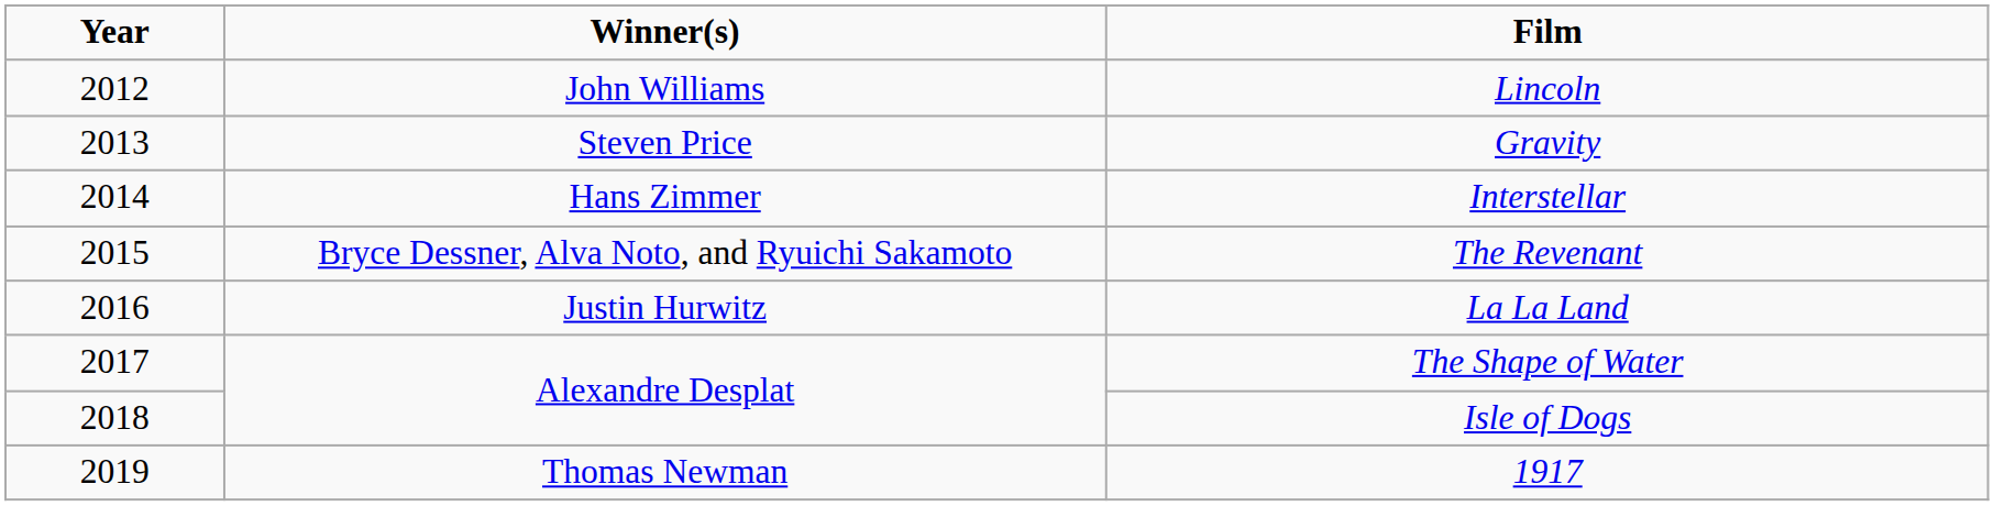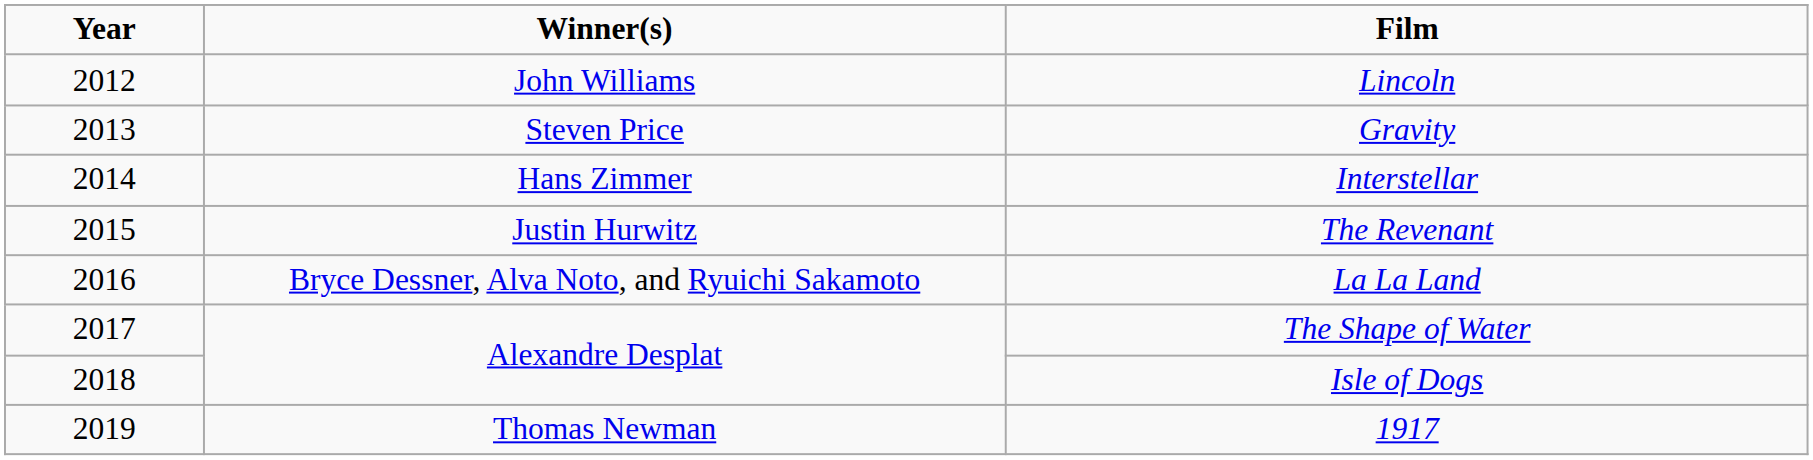 <table class="wikitable" width="auto" cellpadding="5">
 <tr style="text-align:center;">
 <td style="width: 70pt;"><strong>Year</strong></td>
 <td style="width: 300pt;"><strong>Winner(s)</strong></td>
 <td style="width: 300pt;"><strong>Film</strong></td>
 </tr>
 <tr style="text-align:center;">
 <td>2012</td>
 <td><a href='#'>John Williams</a></td>
 <td><em><a href='#'>Lincoln</a></em></td>
 </tr>
 <tr style="text-align:center;">
 <td>2013</td>
 <td><a href='#'>Steven Price</a></td>
 <td><em><a href='#'>Gravity</a></em></td>
 </tr>
 <tr style="text-align:center;">
 <td>2014</td>
 <td><a href='#'>Hans Zimmer</a></td>
 <td><em><a href='#'>Interstellar</a></em></td>
 </tr>
 <tr style="text-align:center;">
 <td>2015</td>
-<td><a href='#'>Bryce Dessner</a>, <a href='#'>Alva Noto</a>, and <a href='#'>Ryuichi Sakamoto</a></td>
+<td><a href='#'>Justin Hurwitz</a></td>
 <td><em><a href='#'>The Revenant</a></em></td>
 </tr>
 <tr style="text-align:center;">
 <td>2016</td>
-<td><a href='#'>Justin Hurwitz</a></td>
+<td><a href='#'>Bryce Dessner</a>, <a href='#'>Alva Noto</a>, and <a href='#'>Ryuichi Sakamoto</a></td>
 <td><em><a href='#'>La La Land</a></em></td>
 </tr>
 <tr style="text-align:center;">
 <td>2017</td>
 <td rowspan="2"><a href='#'>Alexandre Desplat</a></td>
 <td><em><a href='#'>The Shape of Water</a></em></td>
 </tr>
 <tr style="text-align:center;">
 <td>2018</td>
 <td><em><a href='#'>Isle of Dogs</a></em></td>
 </tr>
 <tr style="text-align:center;">
 <td>2019</td>
 <td><a href='#'>Thomas Newman</a></td>
 <td><em><a href='#'>1917</a></em></td>
 </tr>
 </table>
